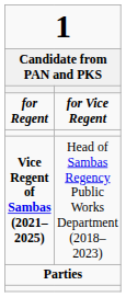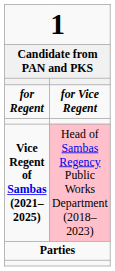 <table class="wikitable" style="font-size:90%; text-align:center;">
 <tr>
 <td colspan=2><big><big><big><big><big><strong>1</strong></big></big></big></big></big></td>
 </tr>
 <tr>
 <td colspan=2 style="background:#f1f1f1;"><strong>Candidate from PAN and PKS</strong></td>
 </tr>
 <tr>
 <th style="font-size:135%; background:#"><a href='#'></a></th>
 <th style="font-size:135%; background:#"><a href='#'></a></th>
 </tr>
 <tr style="color:#000; font-size:100%;">
 <td style="width:3em; background:#"><strong><em>for Regent</em></strong></td>
 <td style="width:3em; background:#"><strong><em>for Vice Regent</em></strong></td>
 </tr>
 <tr>
 <td></td>
 <td></td>
 </tr>
 <tr>
 <td><strong>Vice Regent of <a href='#'>Sambas</a> (2021–2025)</strong></td>
-<td>Head of <a href='#'>Sambas Regency</a> Public Works Department (2018–2023)</td>
+<td style="background: pink;">Head of <a href='#'>Sambas Regency</a> Public Works Department (2018–2023)</td>
 </tr>
 <tr>
 <td colspan=2><strong>Parties</strong></td>
 </tr>
 <tr>
 <td colspan=2></td>
 </tr>
 </table>
